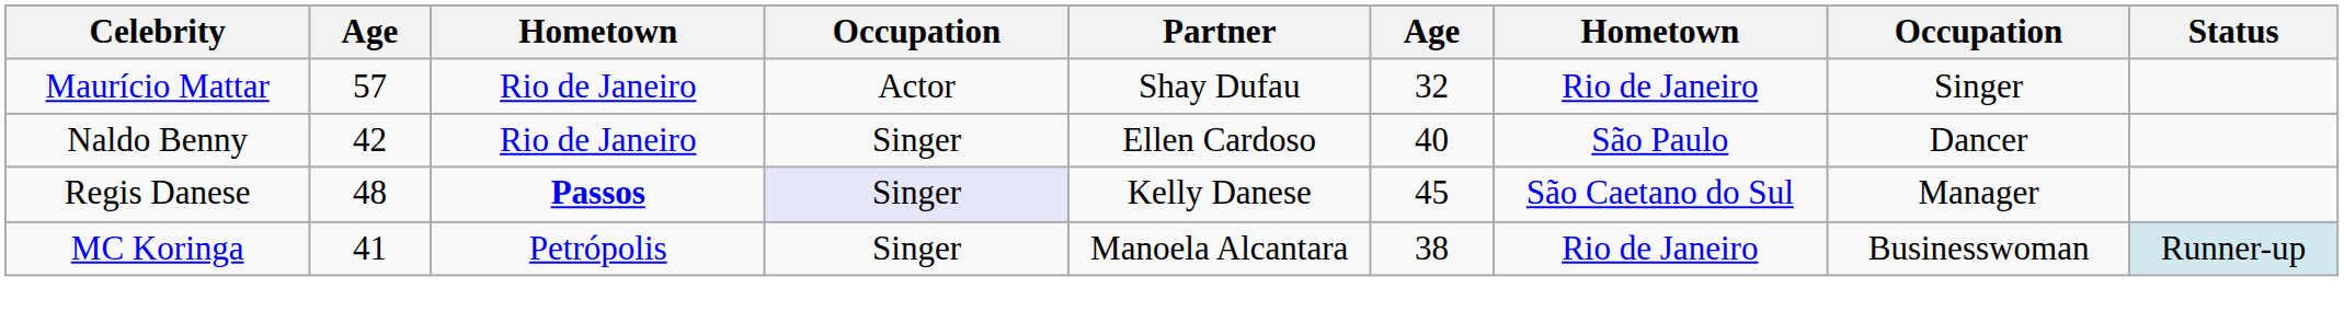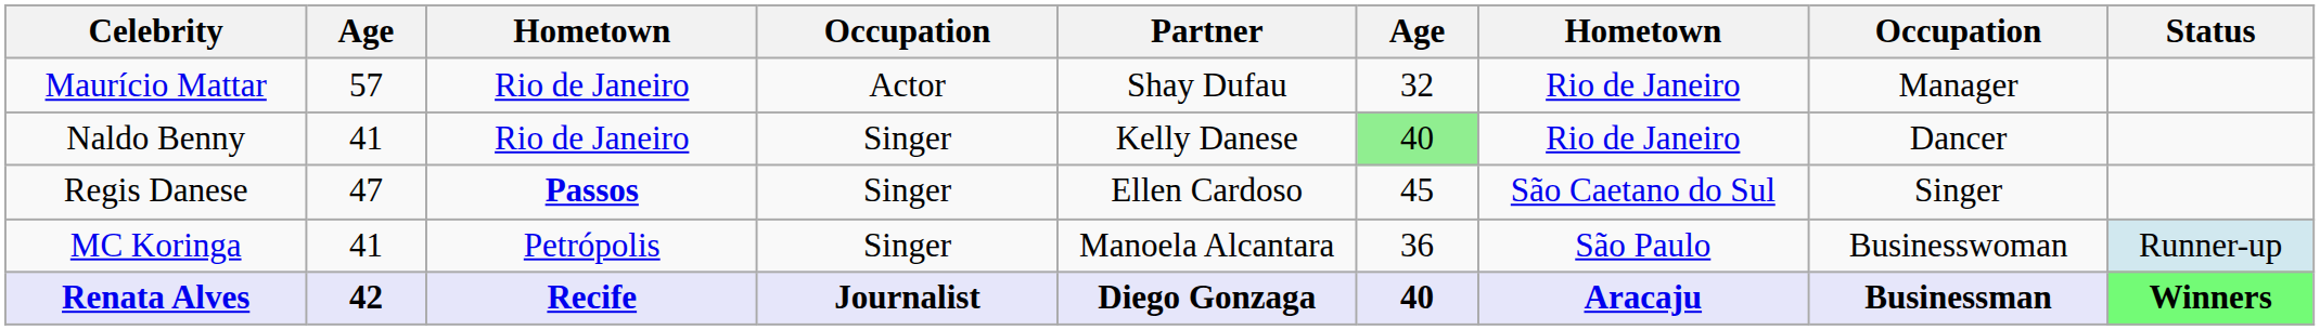 <table class= "wikitable sortable" style="margin: 1em auto; text-align: center; margin:auto; align: center;">
 <tr>
 <th width=135>Celebrity</th>
 <th width=050>Age</th>
 <th width=150>Hometown</th>
 <th width=135>Occupation</th>
 <th width=135>Partner</th>
 <th width=050>Age</th>
 <th width=150>Hometown</th>
 <th width=135>Occupation</th>
 <th width=090>Status</th>
 </tr>
 <tr>
 <td nowrap><a href='#'>Maurício Mattar</a></td>
 <td>57</td>
 <td nowrap><a href='#'>Rio de Janeiro</a></td>
 <td>Actor</td>
 <td nowrap>Shay Dufau</td>
 <td>32</td>
 <td nowrap><a href='#'>Rio de Janeiro</a></td>
-<td>Singer</td>
+<td>Manager</td>
 <td><br></td>
 </tr>
 <tr>
 <td nowrap>Naldo Benny</td>
-<td>42</td>
+<td>41</td>
 <td><a href='#'>Rio de Janeiro</a></td>
 <td>Singer</td>
-<td>Ellen Cardoso</td>
-<td>40</td>
-<td><a href='#'>São Paulo</a></td>
+<td>Kelly Danese</td>
+<td style="background: lightgreen;">40</td>
+<td><a href='#'>Rio de Janeiro</a></td>
 <td>Dancer</td>
 <td><br></td>
 </tr>
 <tr>
 <td nowrap>Regis Danese</td>
-<td>48</td>
+<td>47</td>
 <td><strong><a href='#'>Passos</a></strong></td>
-<td style="background: lavender;">Singer</td>
-<td>Kelly Danese</td>
+<td>Singer</td>
+<td>Ellen Cardoso</td>
 <td>45</td>
 <td nowrap><a href='#'>São Caetano do Sul</a></td>
-<td>Manager</td>
+<td>Singer</td>
 <td><br></td>
 </tr>
 <tr>
 <td nowrap><a href='#'>MC Koringa</a></td>
 <td>41</td>
 <td><a href='#'>Petrópolis</a></td>
 <td>Singer</td>
 <td nowrap>Manoela Alcantara</td>
-<td>38</td>
-<td><a href='#'>Rio de Janeiro</a></td>
+<td>36</td>
+<td><a href='#'>São Paulo</a></td>
 <td>Businesswoman</td>
 <td bgcolor=D1E8EF>Runner-up<br></td>
 </tr>
+<tr>
+<td bgcolor=E6E6FA nowrap><strong><a href='#'>Renata Alves</a></strong></td>
+<td bgcolor=E6E6FA><strong>42</strong></td>
+<td bgcolor=E6E6FA><strong><a href='#'>Recife</a></strong></td>
+<td bgcolor=E6E6FA><strong>Journalist</strong></td>
+<td bgcolor=E6E6FA><strong>Diego Gonzaga</strong></td>
+<td bgcolor=E6E6FA><strong>40</strong></td>
+<td bgcolor=E6E6FA><strong><a href='#'>Aracaju</a></strong></td>
+<td bgcolor=E6E6FA><strong>Businessman</strong></td>
+<td bgcolor=73FB76><strong>Winners</strong><br></td>
+</tr>
 </table>
